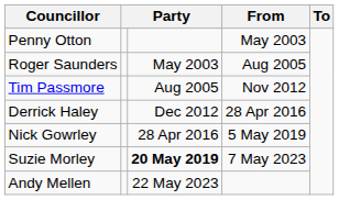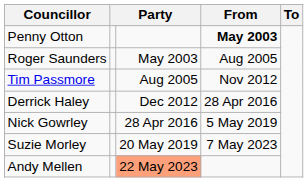 <table class=wikitable>
 <tr>
 <th>Councillor</th>
 <th colspan=2>Party</th>
 <th>From</th>
 <th>To</th>
 </tr>
 <tr>
 <td>Penny Otton</td>
 <td></td>
 <td></td>
-<td align=right>May 2003</td>
+<td align=right><strong>May 2003</strong></td>
 </tr>
 <tr>
 <td>Roger Saunders</td>
 <td></td>
 <td align=right>May 2003</td>
 <td align=right>Aug 2005</td>
 </tr>
 <tr>
 <td><a href='#'>Tim Passmore</a></td>
 <td></td>
 <td align=right>Aug 2005</td>
 <td align=right>Nov 2012</td>
 </tr>
 <tr>
 <td>Derrick Haley</td>
 <td></td>
 <td align=right>Dec 2012</td>
 <td align=right>28 Apr 2016</td>
 </tr>
 <tr>
 <td>Nick Gowrley</td>
 <td></td>
 <td align=right>28 Apr 2016</td>
 <td align=right>5 May 2019</td>
 </tr>
 <tr>
 <td>Suzie Morley</td>
 <td></td>
-<td align=right><strong>20 May 2019</strong></td>
+<td align=right>20 May 2019</td>
 <td align=right>7 May 2023</td>
 </tr>
 <tr>
 <td>Andy Mellen</td>
 <td></td>
-<td align=right>22 May 2023</td>
+<td align=right style="background: lightsalmon;">22 May 2023</td>
 <td align=right></td>
 </tr>
 </table>
